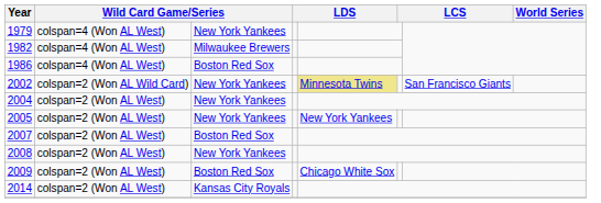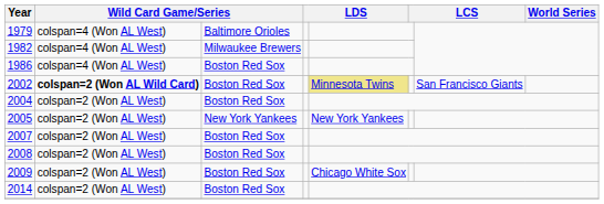 <table class="wikitable">
 <tr>
 <th>Year</th>
 <th colspan=2><a href='#'><span>Wild Card Game/Series</span></a></th>
 <th colspan=2><a href='#'><span>LDS</span></a></th>
 <th colspan=2><a href='#'><span>LCS</span></a></th>
 <th colspan=2><a href='#'><span>World Series</span></a></th>
 </tr>
 <tr>
 <td align=center><a href='#'>1979</a></td>
 <td>colspan=4  (Won <a href='#'>AL West</a>)</td>
-<td><a href='#'>New York Yankees</a></td>
+<td><a href='#'>Baltimore Orioles</a></td>
 <td></td>
 <td colspan=2></td>
 </tr>
 <tr>
 <td align=center><a href='#'>1982</a></td>
 <td>colspan=4  (Won <a href='#'>AL West</a>)</td>
 <td><a href='#'>Milwaukee Brewers</a></td>
 <td></td>
 <td colspan=2></td>
 </tr>
 <tr>
 <td align=center><a href='#'>1986</a></td>
 <td>colspan=4  (Won <a href='#'>AL West</a>)</td>
 <td><a href='#'>Boston Red Sox</a></td>
 <td></td>
 <td colspan=2></td>
 </tr>
 <tr>
 <td align=center><a href='#'>2002</a></td>
-<td>colspan=2  (Won <a href='#'>AL Wild Card</a>)</td>
-<td><a href='#'>New York Yankees</a></td>
+<td><strong>colspan=2  (Won <a href='#'>AL Wild Card</a>)</strong></td>
+<td><a href='#'>Boston Red Sox</a></td>
 <td></td>
 <td style="background: khaki;"><a href='#'>Minnesota Twins</a></td>
 <td></td>
 <td><a href='#'>San Francisco Giants</a></td>
 <td></td>
 </tr>
 <tr>
 <td align=center><a href='#'>2004</a></td>
 <td>colspan=2  (Won <a href='#'>AL West</a>)</td>
-<td><a href='#'>New York Yankees</a></td>
+<td><a href='#'>Boston Red Sox</a></td>
 <td></td>
 <td colspan=4></td>
 </tr>
 <tr>
 <td align=center><a href='#'>2005</a></td>
 <td>colspan=2  (Won <a href='#'>AL West</a>)</td>
 <td><a href='#'>New York Yankees</a></td>
 <td></td>
 <td><a href='#'>New York Yankees</a></td>
 <td></td>
 <td colspan=2></td>
 </tr>
 <tr>
 <td align=center><a href='#'>2007</a></td>
 <td>colspan=2  (Won <a href='#'>AL West</a>)</td>
 <td><a href='#'>Boston Red Sox</a></td>
 <td></td>
 <td colspan=4></td>
 </tr>
 <tr>
 <td align=center><a href='#'>2008</a></td>
 <td>colspan=2  (Won <a href='#'>AL West</a>)</td>
-<td><a href='#'>New York Yankees</a></td>
+<td><a href='#'>Boston Red Sox</a></td>
 <td></td>
 <td colspan=4></td>
 </tr>
 <tr>
 <td align=center><a href='#'>2009</a></td>
 <td>colspan=2  (Won <a href='#'>AL West</a>)</td>
 <td><a href='#'>Boston Red Sox</a></td>
 <td></td>
 <td><a href='#'>Chicago White Sox</a></td>
 <td></td>
 <td colspan=2></td>
 </tr>
 <tr>
 <td align=center><a href='#'>2014</a></td>
 <td>colspan=2  (Won <a href='#'>AL West</a>)</td>
-<td><a href='#'>Kansas City Royals</a></td>
+<td><a href='#'>Boston Red Sox</a></td>
 <td></td>
 <td colspan=4></td>
 </tr>
 <tr>
 </tr>
 </table>
